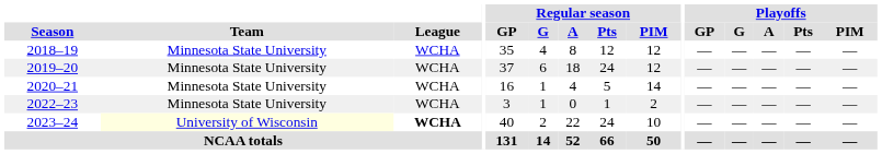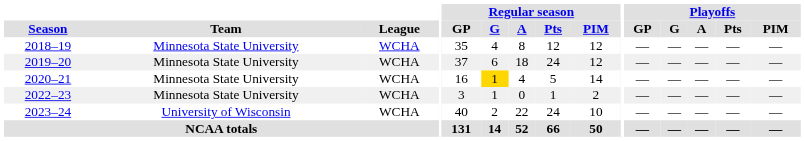 <table border="0" cellpadding="1" cellspacing="0" style="text-align:center; width:60em">
 <tr bgcolor="#e0e0e0">
 <th colspan="3" bgcolor="#ffffff"></th>
 <th rowspan="97" bgcolor="#ffffff"></th>
 <th colspan="5"><a href='#'>Regular season</a></th>
 <th rowspan="97" bgcolor="#ffffff"></th>
 <th colspan="5"><a href='#'>Playoffs</a></th>
 </tr>
 <tr bgcolor="#e0e0e0">
 <th><a href='#'>Season</a></th>
 <th>Team</th>
 <th>League</th>
 <th>GP</th>
 <th><a href='#'>G</a></th>
 <th><a href='#'>A</a></th>
 <th><a href='#'>Pts</a></th>
 <th><a href='#'>PIM</a></th>
 <th>GP</th>
 <th>G</th>
 <th>A</th>
 <th>Pts</th>
 <th>PIM</th>
 </tr>
 <tr>
 <td><a href='#'>2018–19</a></td>
 <td><a href='#'>Minnesota State University</a></td>
 <td><a href='#'>WCHA</a></td>
 <td>35</td>
 <td>4</td>
 <td>8</td>
 <td>12</td>
 <td>12</td>
 <td>—</td>
 <td>—</td>
 <td>—</td>
 <td>—</td>
 <td>—</td>
 </tr>
 <tr bgcolor="#f0f0f0">
 <td><a href='#'>2019–20</a></td>
 <td>Minnesota State University</td>
 <td>WCHA</td>
 <td>37</td>
 <td>6</td>
 <td>18</td>
 <td>24</td>
 <td>12</td>
 <td>—</td>
 <td>—</td>
 <td>—</td>
 <td>—</td>
 <td>—</td>
 </tr>
 <tr>
 <td><a href='#'>2020–21</a></td>
 <td>Minnesota State University</td>
 <td>WCHA</td>
 <td>16</td>
-<td>1</td>
+<td style="background: gold;">1</td>
 <td>4</td>
 <td>5</td>
 <td>14</td>
 <td>—</td>
 <td>—</td>
 <td>—</td>
 <td>—</td>
 <td>—</td>
 </tr>
 <tr bgcolor="#f0f0f0">
 <td><a href='#'>2022–23</a></td>
 <td>Minnesota State University</td>
 <td>WCHA</td>
 <td>3</td>
 <td>1</td>
 <td>0</td>
 <td>1</td>
 <td>2</td>
 <td>—</td>
 <td>—</td>
 <td>—</td>
 <td>—</td>
 <td>—</td>
 </tr>
 <tr>
 <td><a href='#'>2023–24</a></td>
-<td style="background: lightyellow;"><a href='#'>University of Wisconsin</a></td>
-<td><strong>WCHA</strong></td>
+<td><a href='#'>University of Wisconsin</a></td>
+<td>WCHA</td>
 <td>40</td>
 <td>2</td>
 <td>22</td>
 <td>24</td>
 <td>10</td>
 <td>—</td>
 <td>—</td>
 <td>—</td>
 <td>—</td>
 <td>—</td>
 </tr>
 <tr bgcolor="#e0e0e0">
 <th colspan="3">NCAA totals</th>
 <th>131</th>
 <th>14</th>
 <th>52</th>
 <th>66</th>
 <th>50</th>
 <th>—</th>
 <th>—</th>
 <th>—</th>
 <th>—</th>
 <th>—</th>
 </tr>
 </table>
